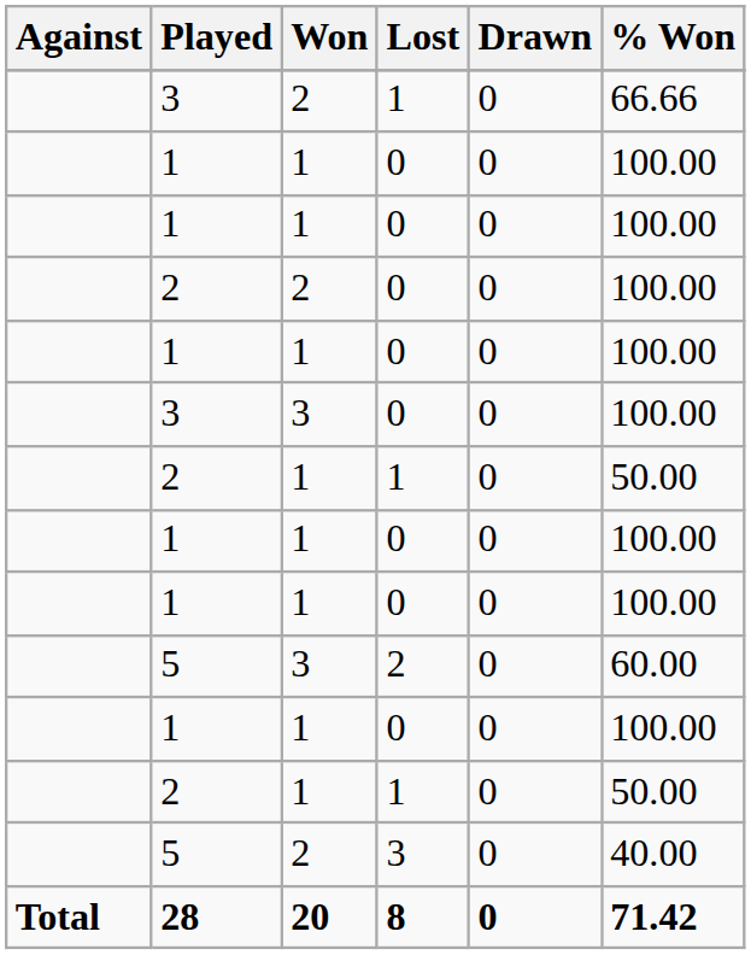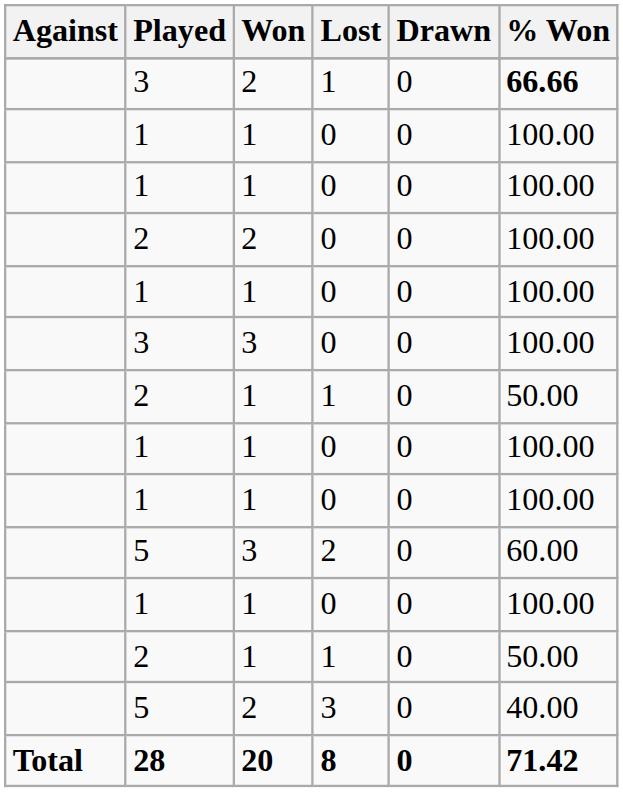 <table class="sortable wikitable" style="font-size: 87%;">
 <tr>
 <th>Against</th>
 <th>Played</th>
 <th>Won</th>
 <th>Lost</th>
 <th>Drawn</th>
 <th>% Won</th>
 </tr>
 <tr bgcolor="#d0ffd0" align="center">
 </tr>
 <tr>
 <td align="left"></td>
 <td>3</td>
 <td>2</td>
 <td>1</td>
 <td>0</td>
-<td>66.66</td>
+<td><strong>66.66</strong></td>
 </tr>
 <tr>
 <td align="left"></td>
 <td>1</td>
 <td>1</td>
 <td>0</td>
 <td>0</td>
 <td>100.00</td>
 </tr>
 <tr>
 <td align="left"></td>
 <td>1</td>
 <td>1</td>
 <td>0</td>
 <td>0</td>
 <td>100.00</td>
 </tr>
 <tr>
 <td align="left"></td>
 <td>2</td>
 <td>2</td>
 <td>0</td>
 <td>0</td>
 <td>100.00</td>
 </tr>
 <tr>
 <td align="left"></td>
 <td>1</td>
 <td>1</td>
 <td>0</td>
 <td>0</td>
 <td>100.00</td>
 </tr>
 <tr>
 <td align="left"></td>
 <td>3</td>
 <td>3</td>
 <td>0</td>
 <td>0</td>
 <td>100.00</td>
 </tr>
 <tr>
 <td align="left"></td>
 <td>2</td>
 <td>1</td>
 <td>1</td>
 <td>0</td>
 <td>50.00</td>
 </tr>
 <tr>
 <td align="left"></td>
 <td>1</td>
 <td>1</td>
 <td>0</td>
 <td>0</td>
 <td>100.00</td>
 </tr>
 <tr>
 <td align="left"></td>
 <td>1</td>
 <td>1</td>
 <td>0</td>
 <td>0</td>
 <td>100.00</td>
 </tr>
 <tr>
 <td align="left"></td>
 <td>5</td>
 <td>3</td>
 <td>2</td>
 <td>0</td>
 <td>60.00</td>
 </tr>
 <tr>
 <td align="left"></td>
 <td>1</td>
 <td>1</td>
 <td>0</td>
 <td>0</td>
 <td>100.00</td>
 </tr>
 <tr>
 <td align="left"></td>
 <td>2</td>
 <td>1</td>
 <td>1</td>
 <td>0</td>
 <td>50.00</td>
 </tr>
 <tr>
 <td align="left"></td>
 <td>5</td>
 <td>2</td>
 <td>3</td>
 <td>0</td>
 <td>40.00</td>
 </tr>
 <tr>
 <td align="left"><strong>Total</strong></td>
 <td><strong>28</strong></td>
 <td><strong>20</strong></td>
 <td><strong>8</strong></td>
 <td><strong>0</strong></td>
 <td><strong>71.42</strong></td>
 </tr>
 </table>
